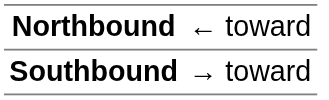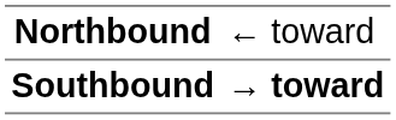 <table border="1" cellspacing="0" cellpadding="3" frame="hsides" rules="rows">
 <tr>
 <th><span>Northbound</span></th>
 <td>←  toward </td>
 </tr>
 <tr>
 <th><span>Southbound</span></th>
-<td>→  toward </td>
+<td><strong>→  toward </strong></td>
 </tr>
 </table>
